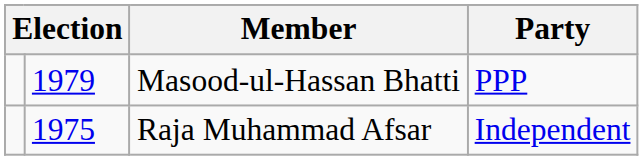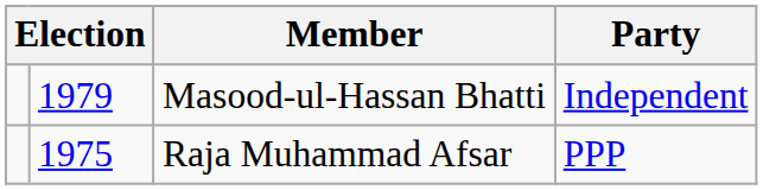 <table class="wikitable">
 <tr>
 <th colspan="2">Election</th>
 <th>Member</th>
 <th>Party</th>
 </tr>
 <tr>
 <td style="background-color: "></td>
 <td><a href='#'>1979</a></td>
 <td>Masood-ul-Hassan Bhatti</td>
-<td><a href='#'>PPP</a></td>
+<td><a href='#'>Independent</a></td>
 </tr>
 <tr>
 <td style="background-color: "></td>
 <td><a href='#'>1975</a></td>
 <td>Raja Muhammad Afsar</td>
-<td><a href='#'>Independent</a></td>
+<td><a href='#'>PPP</a></td>
 </tr>
 </table>
